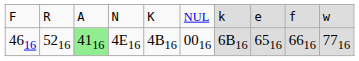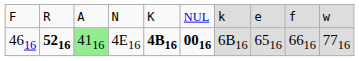 <table class="wikitable" style="margin-left: auto; margin-right:auto">
 <tr>
 <td><code>F</code></td>
 <td><code>R</code></td>
 <td><code>A</code></td>
 <td><code>N</code></td>
 <td><code>K</code></td>
 <td><small><a href='#'>NUL</a></small></td>
 <td style="background: #DDD"><code>k</code></td>
 <td style="background: #DDD"><code>e</code></td>
 <td style="background: #DDD"><code>f</code></td>
 <td style="background: #DDD"><code>w</code></td>
 </tr>
 <tr>
 <td>46<sub><a href='#'>16</a></sub></td>
-<td>52<sub>16</sub></td>
+<td><strong>52<sub>16</sub></strong></td>
 <td style="background: lightgreen;">41<sub>16</sub></td>
 <td>4E<sub>16</sub></td>
-<td>4B<sub>16</sub></td>
-<td>00<sub>16</sub></td>
+<td><strong>4B<sub>16</sub></strong></td>
+<td><strong>00<sub>16</sub></strong></td>
 <td style="background: #DDD">6B<sub>16</sub></td>
 <td style="background: #DDD">65<sub>16</sub></td>
 <td style="background: #DDD">66<sub>16</sub></td>
 <td style="background: #DDD">77<sub>16</sub></td>
 </tr>
 </table>
